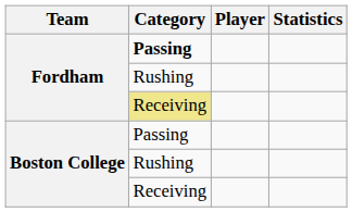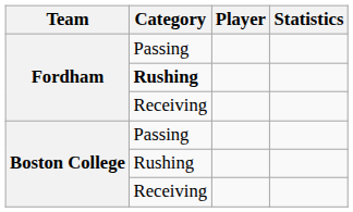 <table class="wikitable" style="float:right">
 <tr>
 <th>Team</th>
 <th>Category</th>
 <th>Player</th>
 <th>Statistics</th>
 </tr>
 <tr>
 <th rowspan=3>Fordham</th>
-<td><strong>Passing</strong></td>
+<td>Passing</td>
 <td></td>
 <td></td>
 </tr>
 <tr>
-<td>Rushing</td>
+<td><strong>Rushing</strong></td>
 <td></td>
 <td></td>
 </tr>
 <tr>
-<td style="background: khaki;">Receiving</td>
+<td>Receiving</td>
 <td></td>
 <td></td>
 </tr>
 <tr>
 <th rowspan=3>Boston College</th>
 <td>Passing</td>
 <td></td>
 <td></td>
 </tr>
 <tr>
 <td>Rushing</td>
 <td></td>
 <td></td>
 </tr>
 <tr>
 <td>Receiving</td>
 <td></td>
 <td></td>
 </tr>
 </table>
